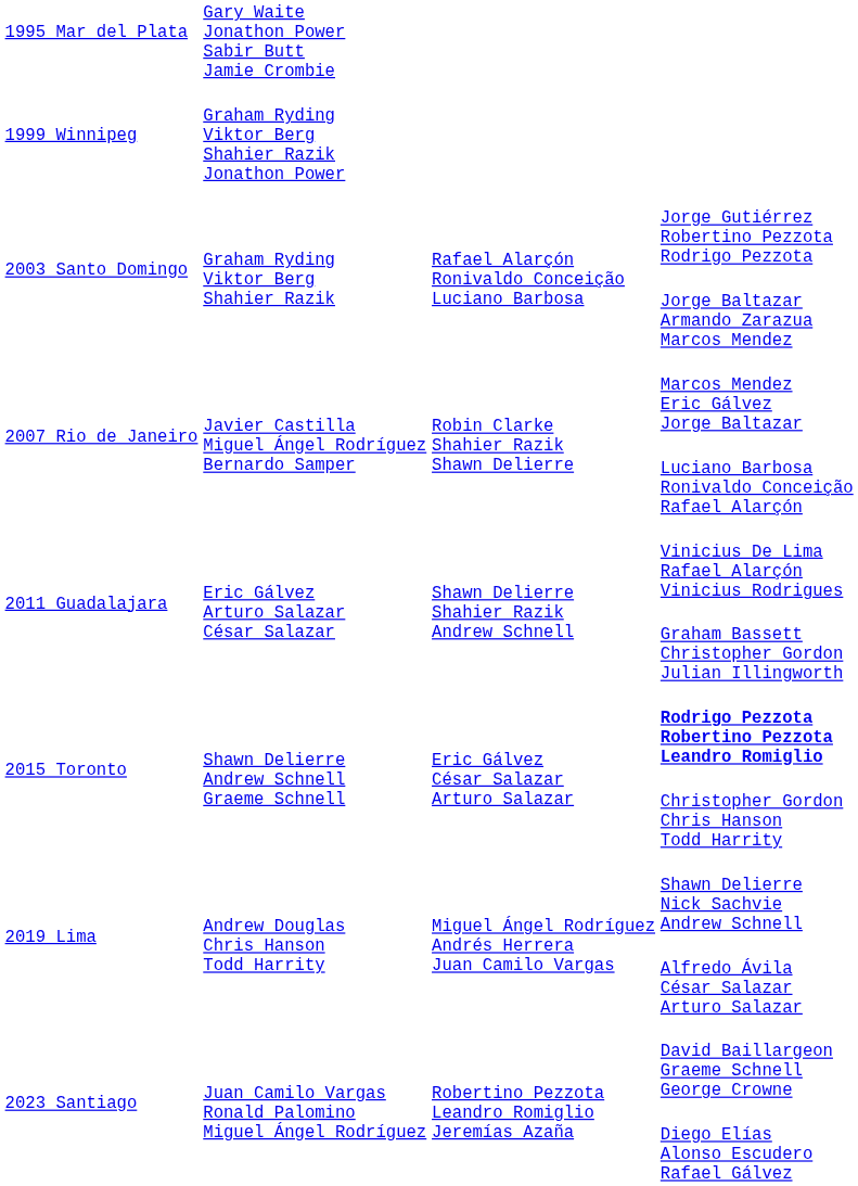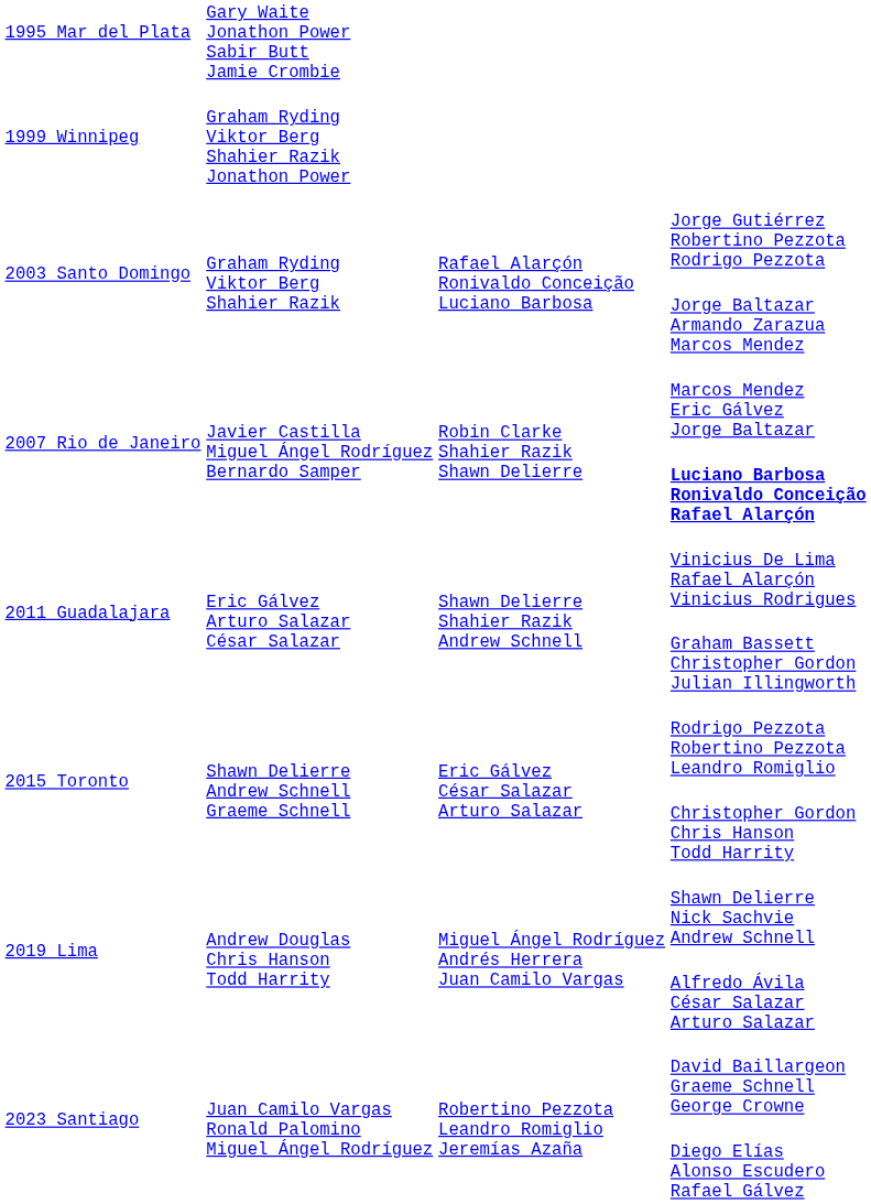 <table>
 <tr>
 <td><a href='#'>1995 Mar del Plata</a><br></td>
 <td><br><a href='#'>Gary Waite</a><br><a href='#'>Jonathon Power</a><br><a href='#'>Sabir Butt</a><br><a href='#'>Jamie Crombie</a></td>
 <td></td>
 <td></td>
 </tr>
 <tr>
 <td rowspan=2><a href='#'>1999 Winnipeg</a><br></td>
 <td rowspan=2><br><a href='#'>Graham Ryding</a><br><a href='#'>Viktor Berg</a><br><a href='#'>Shahier Razik</a><br><a href='#'>Jonathon Power</a></td>
 <td rowspan=2></td>
 <td></td>
 </tr>
 <tr>
 <td></td>
 </tr>
 <tr>
 <td rowspan=2><a href='#'>2003 Santo Domingo</a><br></td>
 <td rowspan=2><br><a href='#'>Graham Ryding</a><br><a href='#'>Viktor Berg</a><br><a href='#'>Shahier Razik</a></td>
 <td rowspan=2><br><a href='#'>Rafael Alarçón</a><br><a href='#'>Ronivaldo Conceição</a><br><a href='#'>Luciano Barbosa</a></td>
 <td><br><a href='#'>Jorge Gutiérrez</a><br><a href='#'>Robertino Pezzota</a><br><a href='#'>Rodrigo Pezzota</a></td>
 </tr>
 <tr>
 <td><br><a href='#'>Jorge Baltazar</a><br><a href='#'>Armando Zarazua</a><br><a href='#'>Marcos Mendez</a></td>
 </tr>
 <tr>
 <td rowspan=2><a href='#'>2007 Rio de Janeiro</a><br></td>
 <td rowspan=2><br><a href='#'>Javier Castilla</a><br><a href='#'>Miguel Ángel Rodríguez</a><br><a href='#'>Bernardo Samper</a></td>
 <td rowspan=2><br><a href='#'>Robin Clarke</a><br><a href='#'>Shahier Razik</a><br><a href='#'>Shawn Delierre</a></td>
 <td><br><a href='#'>Marcos Mendez</a><br><a href='#'>Eric Gálvez</a><br><a href='#'>Jorge Baltazar</a></td>
 </tr>
 <tr>
-<td><br><a href='#'>Luciano Barbosa</a><br><a href='#'>Ronivaldo Conceição</a><br><a href='#'>Rafael Alarçón</a></td>
+<td><strong><br><a href='#'>Luciano Barbosa</a><br><a href='#'>Ronivaldo Conceição</a><br><a href='#'>Rafael Alarçón</a></strong></td>
 </tr>
 <tr>
 <td rowspan=2><a href='#'>2011 Guadalajara</a><br></td>
 <td rowspan=2><br><a href='#'>Eric Gálvez</a><br><a href='#'>Arturo Salazar</a><br><a href='#'>César Salazar</a></td>
 <td rowspan=2><br><a href='#'>Shawn Delierre</a><br><a href='#'>Shahier Razik</a><br><a href='#'>Andrew Schnell</a></td>
 <td><br><a href='#'>Vinicius De Lima</a><br><a href='#'>Rafael Alarçón</a><br><a href='#'>Vinicius Rodrigues</a></td>
 </tr>
 <tr>
 <td><br><a href='#'>Graham Bassett</a><br><a href='#'>Christopher Gordon</a><br><a href='#'>Julian Illingworth</a></td>
 </tr>
 <tr>
 <td rowspan=2><a href='#'>2015 Toronto</a><br></td>
 <td rowspan=2><br><a href='#'>Shawn Delierre</a><br><a href='#'>Andrew Schnell</a><br><a href='#'>Graeme Schnell</a></td>
 <td rowspan=2><br><a href='#'>Eric Gálvez</a><br><a href='#'>César Salazar</a><br><a href='#'>Arturo Salazar</a></td>
-<td><strong><br><a href='#'>Rodrigo Pezzota</a><br><a href='#'>Robertino Pezzota</a><br><a href='#'>Leandro Romiglio</a></strong></td>
+<td><br><a href='#'>Rodrigo Pezzota</a><br><a href='#'>Robertino Pezzota</a><br><a href='#'>Leandro Romiglio</a></td>
 </tr>
 <tr>
 <td><br><a href='#'>Christopher Gordon</a><br><a href='#'>Chris Hanson</a><br><a href='#'>Todd Harrity</a></td>
 </tr>
 <tr>
 <td rowspan=2><a href='#'>2019 Lima</a><br></td>
 <td rowspan=2><br><a href='#'>Andrew Douglas</a><br><a href='#'>Chris Hanson</a><br><a href='#'>Todd Harrity</a></td>
 <td rowspan=2><br><a href='#'>Miguel Ángel Rodríguez</a><br><a href='#'>Andrés Herrera</a><br><a href='#'>Juan Camilo Vargas</a></td>
 <td><br><a href='#'>Shawn Delierre</a><br><a href='#'>Nick Sachvie</a><br><a href='#'>Andrew Schnell</a></td>
 </tr>
 <tr>
 <td><br><a href='#'>Alfredo Ávila</a><br><a href='#'>César Salazar</a><br><a href='#'>Arturo Salazar</a></td>
 </tr>
 <tr>
 <td rowspan=2><a href='#'>2023 Santiago</a><br></td>
 <td rowspan=2><br><a href='#'>Juan Camilo Vargas</a><br><a href='#'>Ronald Palomino</a><br><a href='#'>Miguel Ángel Rodríguez</a></td>
 <td rowspan=2><br><a href='#'>Robertino Pezzota</a><br><a href='#'>Leandro Romiglio</a><br><a href='#'>Jeremías Azaña</a></td>
 <td><br><a href='#'>David Baillargeon</a><br><a href='#'>Graeme Schnell</a><br><a href='#'>George Crowne</a></td>
 </tr>
 <tr>
 <td><br><a href='#'>Diego Elías</a><br><a href='#'>Alonso Escudero</a><br><a href='#'>Rafael Gálvez</a></td>
 </tr>
 </table>
